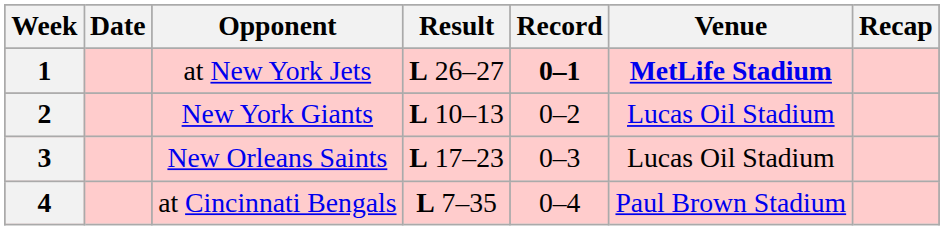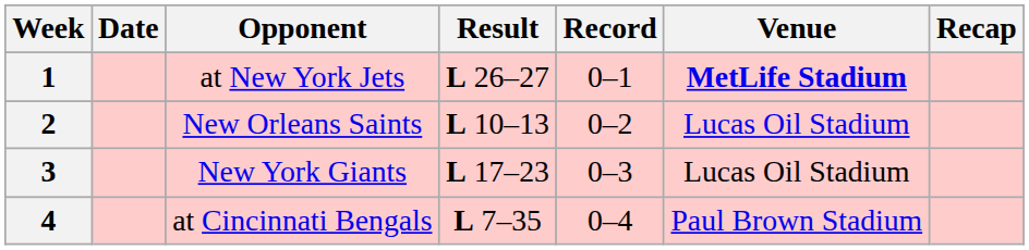 <table class="wikitable" style="text-align:center">
 <tr>
 <th>Week</th>
 <th>Date</th>
 <th>Opponent</th>
 <th>Result</th>
 <th>Record</th>
 <th>Venue</th>
 <th>Recap</th>
 </tr>
 <tr style="background:#fcc">
 <th>1</th>
 <td></td>
 <td>at <a href='#'>New York Jets</a></td>
 <td><strong>L</strong> 26–27</td>
-<td><strong>0–1</strong></td>
+<td>0–1</td>
 <td><strong><a href='#'>MetLife Stadium</a></strong></td>
 <td></td>
 </tr>
 <tr style="background:#fcc">
 <th>2</th>
 <td></td>
-<td><a href='#'>New York Giants</a></td>
+<td><a href='#'>New Orleans Saints</a></td>
 <td><strong>L</strong> 10–13</td>
 <td>0–2</td>
 <td><a href='#'>Lucas Oil Stadium</a></td>
 <td></td>
 </tr>
 <tr style="background:#fcc">
 <th>3</th>
 <td></td>
-<td><a href='#'>New Orleans Saints</a></td>
+<td><a href='#'>New York Giants</a></td>
 <td><strong>L</strong> 17–23</td>
 <td>0–3</td>
 <td>Lucas Oil Stadium</td>
 <td></td>
 </tr>
 <tr style="background:#fcc">
 <th>4</th>
 <td></td>
 <td>at <a href='#'>Cincinnati Bengals</a></td>
 <td><strong>L</strong> 7–35</td>
 <td>0–4</td>
 <td><a href='#'>Paul Brown Stadium</a></td>
 <td></td>
 </tr>
 </table>
